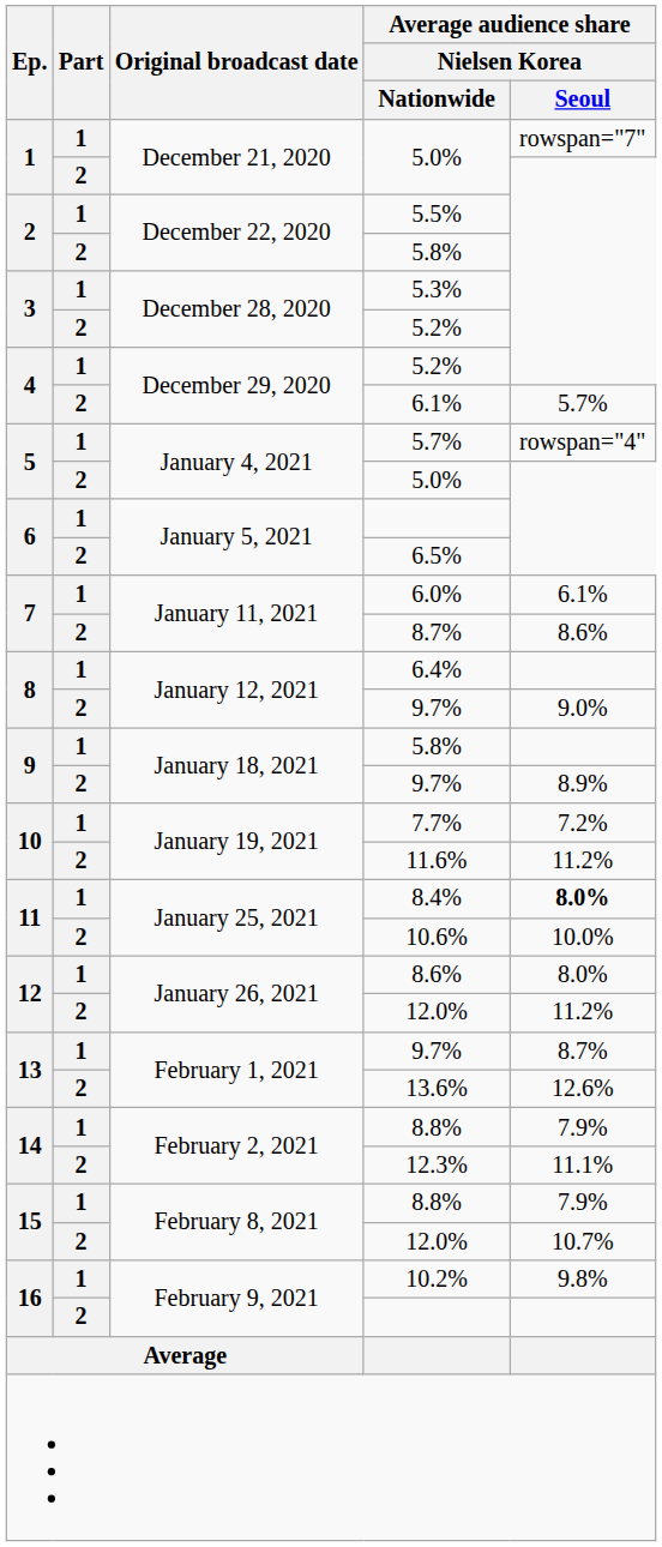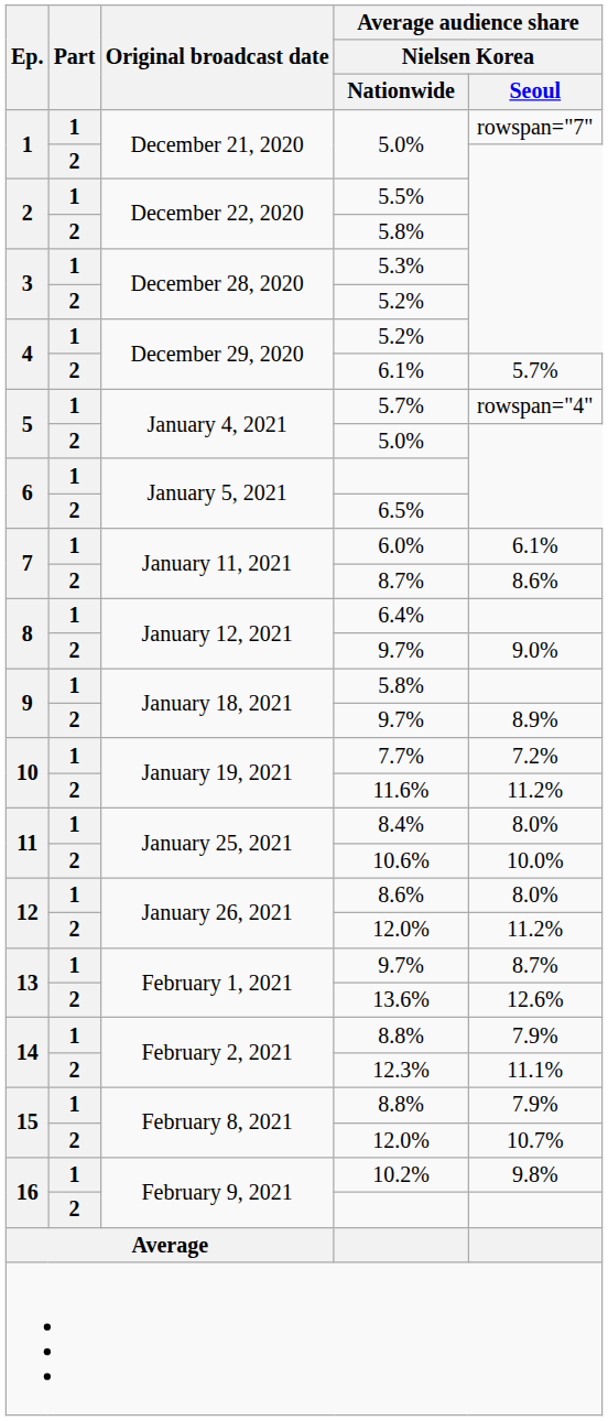 <table class="wikitable" style="text-align:center;max-width:500px; margin-left: auto; margin-right: auto; border: none;">
 <tr>
 </tr>
 <tr>
 <th rowspan="3">Ep.</th>
 <th rowspan="3">Part</th>
 <th rowspan="3">Original broadcast date</th>
 <th colspan="2">Average audience share</th>
 </tr>
 <tr>
 <th colspan="2">Nielsen Korea</th>
 </tr>
 <tr>
 <th width="90">Nationwide</th>
 <th width="90"><a href='#'>Seoul</a></th>
 </tr>
 <tr>
 <th rowspan="2">1</th>
 <th>1</th>
 <td rowspan="2">December 21, 2020</td>
 <td rowspan="2">5.0% </td>
 <td>rowspan="7" </td>
 </tr>
 <tr>
 <th>2</th>
 </tr>
 <tr>
 <th rowspan="2">2</th>
 <th>1</th>
 <td rowspan="2">December 22, 2020</td>
 <td>5.5% </td>
 </tr>
 <tr>
 <th>2</th>
 <td>5.8% </td>
 </tr>
 <tr>
 <th rowspan="2">3</th>
 <th>1</th>
 <td rowspan="2">December 28, 2020</td>
 <td>5.3% </td>
 </tr>
 <tr>
 <th>2</th>
 <td>5.2% </td>
 </tr>
 <tr>
 <th rowspan="2">4</th>
 <th>1</th>
 <td rowspan="2">December 29, 2020</td>
 <td>5.2% </td>
 </tr>
 <tr>
 <th>2</th>
 <td>6.1% </td>
 <td>5.7% </td>
 </tr>
 <tr>
 <th rowspan="2">5</th>
 <th>1</th>
 <td rowspan="2">January 4, 2021</td>
 <td>5.7% </td>
 <td>rowspan="4" </td>
 </tr>
 <tr>
 <th>2</th>
 <td>5.0% </td>
 </tr>
 <tr>
 <th rowspan="2">6</th>
 <th>1</th>
 <td rowspan="2">January 5, 2021</td>
 <td> </td>
 </tr>
 <tr>
 <th>2</th>
 <td>6.5% </td>
 </tr>
 <tr>
 <th rowspan="2">7</th>
 <th>1</th>
 <td rowspan="2">January 11, 2021</td>
 <td>6.0% </td>
 <td>6.1% </td>
 </tr>
 <tr>
 <th>2</th>
 <td>8.7% </td>
 <td>8.6% </td>
 </tr>
 <tr>
 <th rowspan="2">8</th>
 <th>1</th>
 <td rowspan="2">January 12, 2021</td>
 <td>6.4% </td>
 <td></td>
 </tr>
 <tr>
 <th>2</th>
 <td>9.7% </td>
 <td>9.0% </td>
 </tr>
 <tr>
 <th rowspan="2">9</th>
 <th>1</th>
 <td rowspan="2">January 18, 2021</td>
 <td>5.8% </td>
 <td></td>
 </tr>
 <tr>
 <th>2</th>
 <td>9.7% </td>
 <td>8.9% </td>
 </tr>
 <tr>
 <th rowspan="2">10</th>
 <th>1</th>
 <td rowspan="2">January 19, 2021</td>
 <td>7.7% </td>
 <td>7.2% </td>
 </tr>
 <tr>
 <th>2</th>
 <td>11.6% </td>
 <td>11.2% </td>
 </tr>
 <tr>
 <th rowspan="2">11</th>
 <th>1</th>
 <td rowspan="2">January 25, 2021</td>
 <td>8.4% </td>
-<td><strong>8.0% </strong></td>
+<td>8.0% </td>
 </tr>
 <tr>
 <th>2</th>
 <td>10.6% </td>
 <td>10.0% </td>
 </tr>
 <tr>
 <th rowspan="2">12</th>
 <th>1</th>
 <td rowspan="2">January 26, 2021</td>
 <td>8.6% </td>
 <td>8.0% </td>
 </tr>
 <tr>
 <th>2</th>
 <td>12.0% </td>
 <td>11.2% </td>
 </tr>
 <tr>
 <th rowspan="2">13</th>
 <th>1</th>
 <td rowspan="2">February 1, 2021</td>
 <td>9.7% </td>
 <td>8.7% </td>
 </tr>
 <tr>
 <th>2</th>
 <td>13.6% </td>
 <td>12.6% </td>
 </tr>
 <tr>
 <th rowspan="2">14</th>
 <th>1</th>
 <td rowspan="2">February 2, 2021</td>
 <td>8.8% </td>
 <td>7.9% </td>
 </tr>
 <tr>
 <th>2</th>
 <td>12.3% </td>
 <td>11.1% </td>
 </tr>
 <tr>
 <th rowspan="2">15</th>
 <th>1</th>
 <td rowspan="2">February 8, 2021</td>
 <td>8.8% </td>
 <td>7.9% </td>
 </tr>
 <tr>
 <th>2</th>
 <td>12.0% </td>
 <td>10.7% </td>
 </tr>
 <tr>
 <th rowspan="2">16</th>
 <th>1</th>
 <td rowspan="2">February 9, 2021</td>
 <td>10.2% </td>
 <td>9.8% </td>
 </tr>
 <tr>
 <th>2</th>
 <td> </td>
 <td> </td>
 </tr>
 <tr>
 <th colspan="3">Average</th>
 <th></th>
 <th></th>
 </tr>
 <tr>
 <td colspan="5"><br><ul><li></li><li></li><li></li></ul></td>
 </tr>
 </table>
